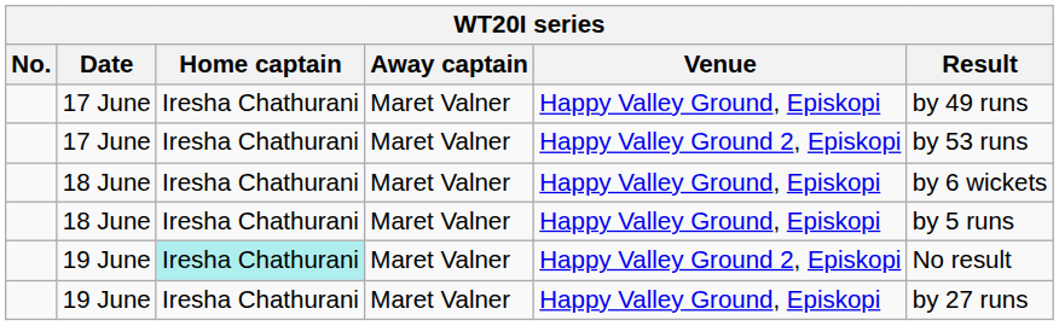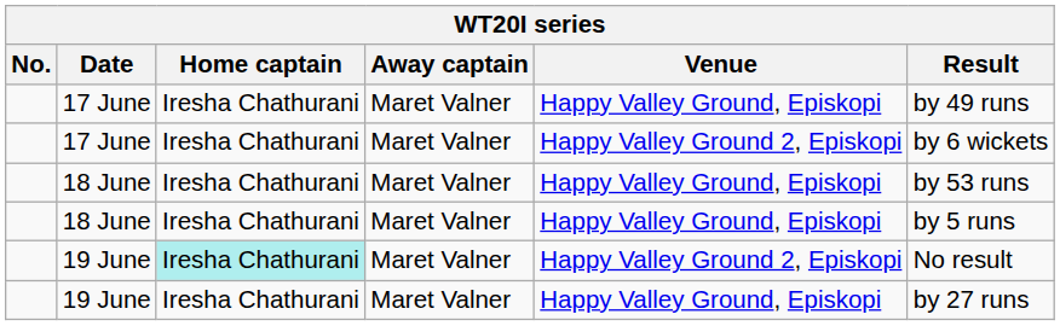 <table class="wikitable">
 <tr>
 <th colspan="9">WT20I series</th>
 </tr>
 <tr>
 <th>No.</th>
 <th>Date</th>
 <th>Home captain</th>
 <th>Away captain</th>
 <th>Venue</th>
 <th>Result</th>
 </tr>
 <tr>
 <td></td>
 <td>17 June</td>
 <td>Iresha Chathurani</td>
 <td>Maret Valner</td>
 <td><a href='#'>Happy Valley Ground</a>, <a href='#'>Episkopi</a></td>
 <td> by 49 runs</td>
 </tr>
 <tr>
 <td></td>
 <td>17 June</td>
 <td>Iresha Chathurani</td>
 <td>Maret Valner</td>
 <td><a href='#'>Happy Valley Ground 2</a>, <a href='#'>Episkopi</a></td>
-<td> by 53 runs</td>
+<td> by 6 wickets</td>
 </tr>
 <tr>
 <td></td>
 <td>18 June</td>
 <td>Iresha Chathurani</td>
 <td>Maret Valner</td>
 <td><a href='#'>Happy Valley Ground</a>, <a href='#'>Episkopi</a></td>
-<td> by 6 wickets</td>
+<td> by 53 runs</td>
 </tr>
 <tr>
 <td></td>
 <td>18 June</td>
 <td>Iresha Chathurani</td>
 <td>Maret Valner</td>
 <td><a href='#'>Happy Valley Ground</a>, <a href='#'>Episkopi</a></td>
 <td> by 5 runs</td>
 </tr>
 <tr>
 <td></td>
 <td>19 June</td>
 <td style="background: paleturquoise;">Iresha Chathurani</td>
 <td>Maret Valner</td>
 <td><a href='#'>Happy Valley Ground 2</a>, <a href='#'>Episkopi</a></td>
 <td>No result</td>
 </tr>
 <tr>
 <td></td>
 <td>19 June</td>
 <td>Iresha Chathurani</td>
 <td>Maret Valner</td>
 <td><a href='#'>Happy Valley Ground</a>, <a href='#'>Episkopi</a></td>
 <td> by 27 runs</td>
 </tr>
 </table>
